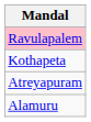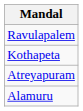 <table class="wikitable sortable static-row-numbers static-row-header-hash">
 <tr>
 <th>Mandal</th>
 </tr>
 <tr>
-<td style="background: pink;"><a href='#'>Ravulapalem</a></td>
+<td><a href='#'>Ravulapalem</a></td>
 </tr>
 <tr>
 <td><a href='#'>Kothapeta</a></td>
 </tr>
 <tr>
 <td><a href='#'>Atreyapuram</a></td>
 </tr>
 <tr>
 <td><a href='#'>Alamuru</a></td>
 </tr>
 </table>
